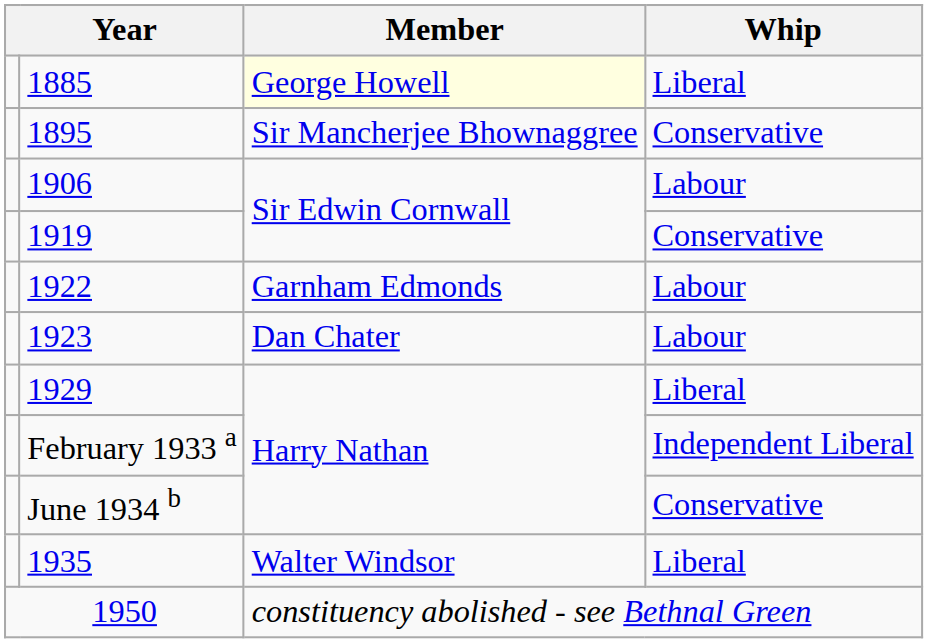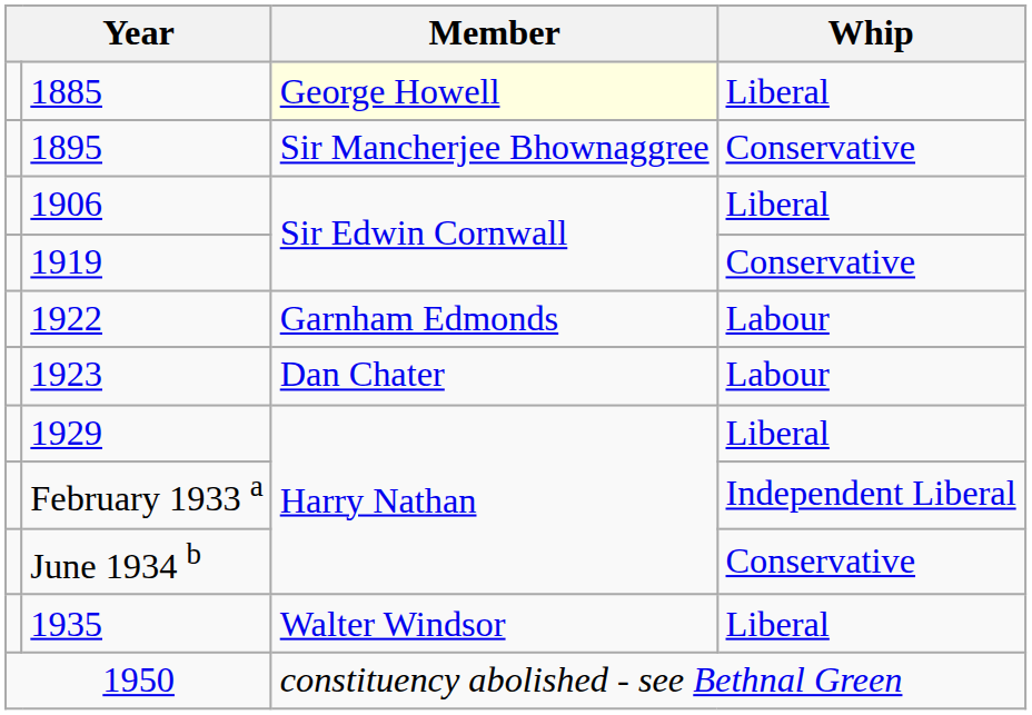 <table class="wikitable">
 <tr>
 <th colspan="2">Year</th>
 <th>Member</th>
 <th>Whip</th>
 </tr>
 <tr>
 <td style="color:inherit;background-color: "></td>
 <td><a href='#'>1885</a></td>
 <td style="background: lightyellow;"><a href='#'>George Howell</a></td>
 <td><a href='#'>Liberal</a></td>
 </tr>
 <tr>
 <td style="color:inherit;background-color: "></td>
 <td><a href='#'>1895</a></td>
 <td><a href='#'>Sir Mancherjee Bhownaggree</a></td>
 <td><a href='#'>Conservative</a></td>
 </tr>
 <tr>
 <td style="color:inherit;background-color: "></td>
 <td><a href='#'>1906</a></td>
 <td rowspan="2"><a href='#'>Sir Edwin Cornwall</a></td>
-<td><a href='#'>Labour</a></td>
+<td><a href='#'>Liberal</a></td>
 </tr>
 <tr>
 <td style="color:inherit;background-color: "></td>
 <td><a href='#'>1919</a></td>
 <td><a href='#'>Conservative</a></td>
 </tr>
 <tr>
 <td style="color:inherit;background-color: "></td>
 <td><a href='#'>1922</a></td>
 <td><a href='#'>Garnham Edmonds</a></td>
 <td><a href='#'>Labour</a></td>
 </tr>
 <tr>
 <td style="color:inherit;background-color: "></td>
 <td><a href='#'>1923</a></td>
 <td><a href='#'>Dan Chater</a></td>
 <td><a href='#'>Labour</a></td>
 </tr>
 <tr>
 <td style="color:inherit;background-color: "></td>
 <td><a href='#'>1929</a></td>
 <td rowspan="3"><a href='#'>Harry Nathan</a></td>
 <td><a href='#'>Liberal</a></td>
 </tr>
 <tr>
 <td style="color:inherit;background-color: "></td>
 <td>February 1933 <sup>a</sup></td>
 <td><a href='#'>Independent Liberal</a></td>
 </tr>
 <tr>
 <td style="color:inherit;background-color: "></td>
 <td>June 1934 <sup>b</sup></td>
 <td><a href='#'>Conservative</a></td>
 </tr>
 <tr>
 <td style="color:inherit;background-color: "></td>
 <td><a href='#'>1935</a></td>
 <td><a href='#'>Walter Windsor</a></td>
 <td><a href='#'>Liberal</a></td>
 </tr>
 <tr>
 <td colspan="2" align="center"><a href='#'>1950</a></td>
 <td colspan="2"><em>constituency abolished - see <a href='#'>Bethnal Green</a></em></td>
 </tr>
 </table>
